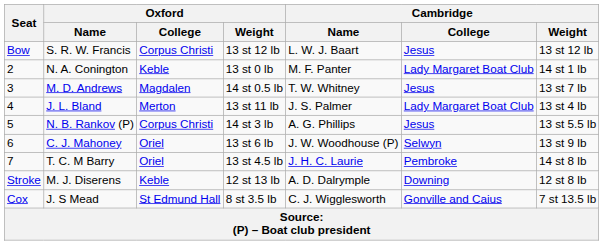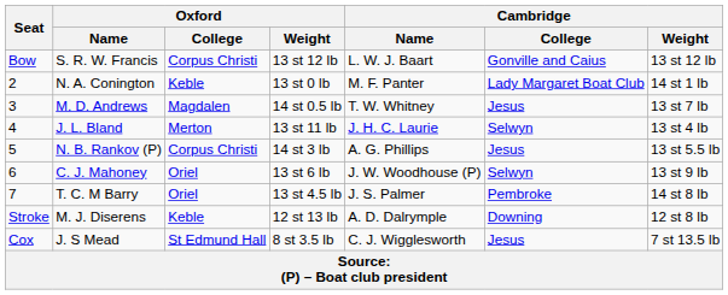 <table class="wikitable">
 <tr>
 <th rowspan="2" scope="col">Seat</th>
 <th colspan="3" scope="col">Oxford <br> </th>
 <th colspan="3" scope="col">Cambridge <br> </th>
 </tr>
 <tr>
 <th>Name</th>
 <th>College</th>
 <th>Weight</th>
 <th>Name</th>
 <th>College</th>
 <th>Weight</th>
 </tr>
 <tr>
 <td><a href='#'>Bow</a></td>
 <td>S. R. W. Francis</td>
 <td><a href='#'>Corpus Christi</a></td>
 <td>13 st 12 lb</td>
 <td>L. W. J. Baart</td>
-<td><a href='#'>Jesus</a></td>
+<td><a href='#'>Gonville and Caius</a></td>
 <td>13 st 12 lb</td>
 </tr>
 <tr>
 <td>2</td>
 <td>N. A. Conington</td>
 <td><a href='#'>Keble</a></td>
 <td>13 st 0 lb</td>
 <td>M. F. Panter</td>
 <td><a href='#'>Lady Margaret Boat Club</a></td>
 <td>14 st 1 lb</td>
 </tr>
 <tr>
 <td>3</td>
 <td><a href='#'>M. D. Andrews</a></td>
 <td><a href='#'>Magdalen</a></td>
 <td>14 st 0.5 lb</td>
 <td>T. W. Whitney</td>
 <td><a href='#'>Jesus</a></td>
 <td>13 st 7 lb</td>
 </tr>
 <tr>
 <td>4</td>
 <td><a href='#'>J. L. Bland</a></td>
 <td><a href='#'>Merton</a></td>
 <td>13 st 11 lb</td>
-<td>J. S. Palmer</td>
-<td><a href='#'>Lady Margaret Boat Club</a></td>
+<td><a href='#'>J. H. C. Laurie</a></td>
+<td><a href='#'>Selwyn</a></td>
 <td>13 st 4 lb</td>
 </tr>
 <tr>
 <td>5</td>
 <td><a href='#'>N. B. Rankov</a> (P)</td>
 <td><a href='#'>Corpus Christi</a></td>
 <td>14 st 3 lb</td>
 <td>A. G. Phillips</td>
 <td><a href='#'>Jesus</a></td>
 <td>13 st 5.5 lb</td>
 </tr>
 <tr>
 <td>6</td>
 <td><a href='#'>C. J. Mahoney</a></td>
 <td><a href='#'>Oriel</a></td>
 <td>13 st 6 lb</td>
 <td>J. W. Woodhouse (P)</td>
 <td><a href='#'>Selwyn</a></td>
 <td>13 st 9 lb</td>
 </tr>
 <tr>
 <td>7</td>
 <td>T. C. M Barry</td>
 <td><a href='#'>Oriel</a></td>
 <td>13 st 4.5 lb</td>
-<td><a href='#'>J. H. C. Laurie</a></td>
+<td>J. S. Palmer</td>
 <td><a href='#'>Pembroke</a></td>
 <td>14 st 8 lb</td>
 </tr>
 <tr>
 <td><a href='#'>Stroke</a></td>
 <td>M. J. Diserens</td>
 <td><a href='#'>Keble</a></td>
 <td>12 st 13 lb</td>
 <td>A. D. Dalrymple</td>
 <td><a href='#'>Downing</a></td>
 <td>12 st 8 lb</td>
 </tr>
 <tr>
 <td><a href='#'>Cox</a></td>
 <td>J. S Mead</td>
 <td><a href='#'>St Edmund Hall</a></td>
 <td>8 st 3.5 lb</td>
 <td>C. J. Wigglesworth</td>
-<td><a href='#'>Gonville and Caius</a></td>
+<td><a href='#'>Jesus</a></td>
 <td>7 st 13.5 lb</td>
 </tr>
 <tr>
 <th colspan="7">Source:<br>(P) – Boat club president</th>
 </tr>
 </table>
